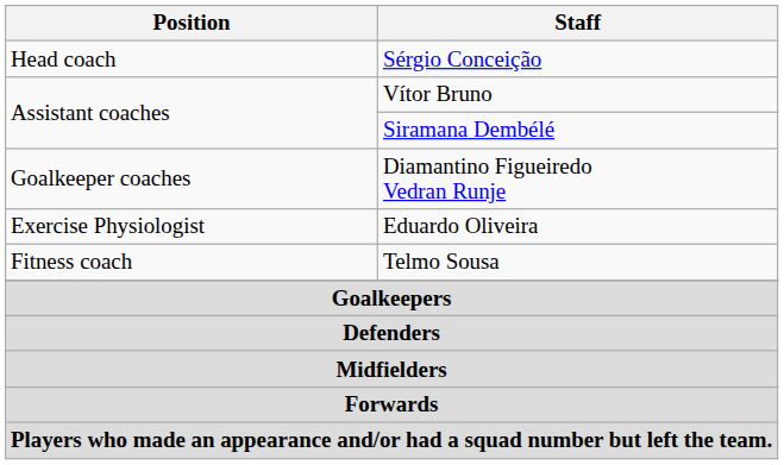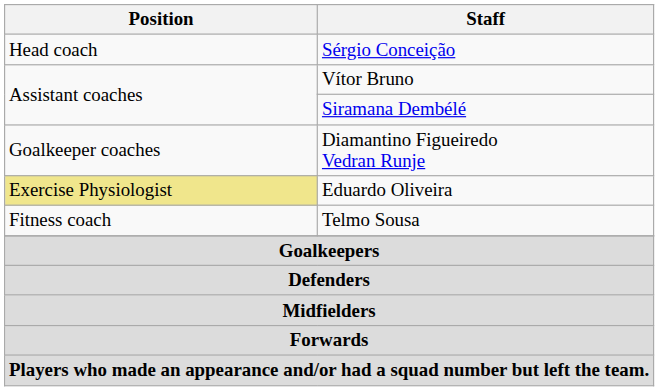 <table class=wikitable>
 <tr>
 <th>Position</th>
 <th>Staff</th>
 </tr>
 <tr>
 <td>Head coach</td>
 <td> <a href='#'>Sérgio Conceição</a></td>
 </tr>
 <tr>
 <td rowspan=2>Assistant coaches</td>
 <td> Vítor Bruno</td>
 </tr>
 <tr>
 <td> <a href='#'>Siramana Dembélé</a></td>
 </tr>
 <tr>
 <td>Goalkeeper coaches</td>
 <td> Diamantino Figueiredo<br> <a href='#'>Vedran Runje</a></td>
 </tr>
 <tr>
-<td>Exercise Physiologist</td>
+<td style="background: khaki;">Exercise Physiologist</td>
 <td> Eduardo Oliveira</td>
 </tr>
 <tr>
 <td>Fitness coach</td>
 <td> Telmo Sousa</td>
 </tr>
 <tr>
 </tr>
 <tr>
 <th colspan=18 style=background:#dcdcdc; text-align:center>Goalkeepers<br>   </th>
 </tr>
 <tr>
 <th colspan=18 style=background:#dcdcdc; text-align:center>Defenders<br>          </th>
 </tr>
 <tr>
 <th colspan=18 style=background:#dcdcdc; text-align:center>Midfielders<br>       </th>
 </tr>
 <tr>
 <th colspan=18 style=background:#dcdcdc; text-align:center>Forwards<br>         </th>
 </tr>
 <tr>
 <th colspan=18 style=background:#dcdcdc; text-align:center>Players who made an appearance and/or had a squad number but left the team.<br>   </th>
 </tr>
 </table>
